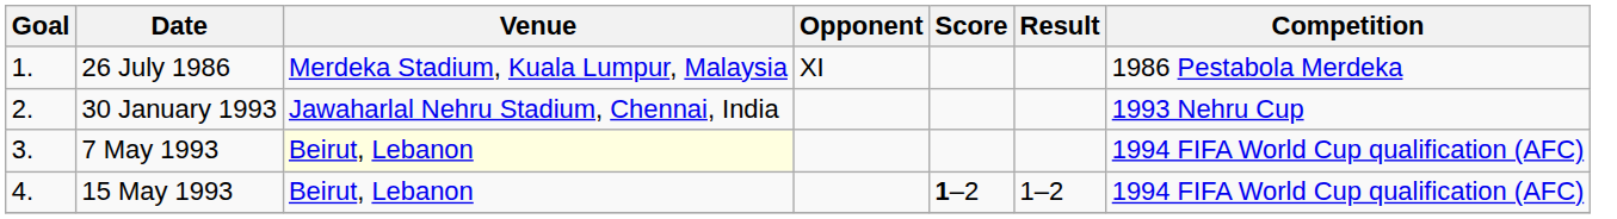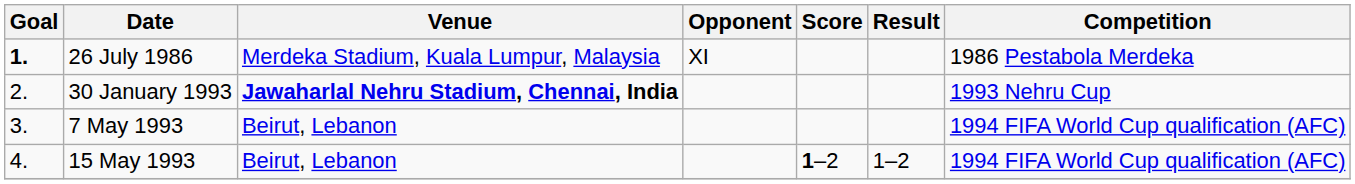 <table class="wikitable">
 <tr>
 <th>Goal</th>
 <th>Date</th>
 <th>Venue</th>
 <th>Opponent</th>
 <th>Score</th>
 <th>Result</th>
 <th>Competition</th>
 </tr>
 <tr>
-<td>1.</td>
+<td><strong>1.</strong></td>
 <td>26 July 1986</td>
 <td><a href='#'>Merdeka Stadium</a>, <a href='#'>Kuala Lumpur</a>, <a href='#'>Malaysia</a></td>
 <td> XI</td>
 <td></td>
 <td></td>
 <td>1986 <a href='#'>Pestabola Merdeka</a></td>
 </tr>
 <tr>
 <td>2.</td>
 <td>30 January 1993</td>
-<td><a href='#'>Jawaharlal Nehru Stadium</a>, <a href='#'>Chennai</a>, India</td>
+<td><strong><a href='#'>Jawaharlal Nehru Stadium</a>, <a href='#'>Chennai</a>, India</strong></td>
 <td></td>
 <td></td>
 <td></td>
 <td><a href='#'>1993 Nehru Cup</a></td>
 </tr>
 <tr>
 <td>3.</td>
 <td>7 May 1993</td>
-<td style="background: lightyellow;"><a href='#'>Beirut</a>, <a href='#'>Lebanon</a></td>
+<td><a href='#'>Beirut</a>, <a href='#'>Lebanon</a></td>
 <td></td>
 <td></td>
 <td></td>
 <td><a href='#'>1994 FIFA World Cup qualification (AFC)</a></td>
 </tr>
 <tr>
 <td>4.</td>
 <td>15 May 1993</td>
 <td><a href='#'>Beirut</a>, <a href='#'>Lebanon</a></td>
 <td></td>
 <td><strong>1</strong>–2</td>
 <td>1–2</td>
 <td><a href='#'>1994 FIFA World Cup qualification (AFC)</a></td>
 </tr>
 <tr>
 </tr>
 </table>
